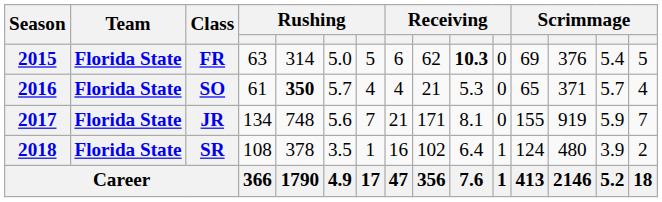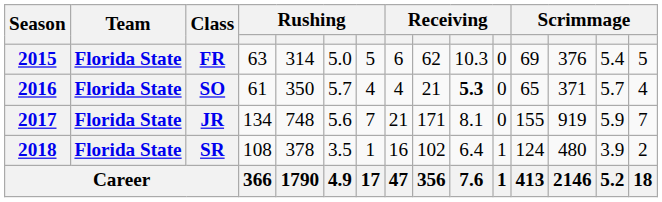 <table class="wikitable sortable" style="text-align:center;">
 <tr>
 <th rowspan="2">Season</th>
 <th rowspan="2">Team</th>
 <th rowspan="2">Class</th>
 <th colspan="4">Rushing</th>
 <th colspan="4">Receiving</th>
 <th colspan="4">Scrimmage</th>
 </tr>
 <tr>
 <th></th>
 <th></th>
 <th></th>
 <th></th>
 <th></th>
 <th></th>
 <th></th>
 <th></th>
 <th></th>
 <th></th>
 <th></th>
 <th></th>
 </tr>
 <tr>
 <th><a href='#'>2015</a></th>
 <th><a href='#'>Florida State</a></th>
 <th><a href='#'>FR</a></th>
 <td>63</td>
 <td>314</td>
 <td>5.0</td>
 <td>5</td>
 <td>6</td>
 <td>62</td>
-<td><strong>10.3</strong></td>
+<td>10.3</td>
 <td>0</td>
 <td>69</td>
 <td>376</td>
 <td>5.4</td>
 <td>5</td>
 </tr>
 <tr>
 <th><a href='#'>2016</a></th>
 <th><a href='#'>Florida State</a></th>
 <th><a href='#'>SO</a></th>
 <td>61</td>
-<td><strong>350</strong></td>
+<td>350</td>
 <td>5.7</td>
 <td>4</td>
 <td>4</td>
 <td>21</td>
-<td>5.3</td>
+<td><strong>5.3</strong></td>
 <td>0</td>
 <td>65</td>
 <td>371</td>
 <td>5.7</td>
 <td>4</td>
 </tr>
 <tr>
 <th><a href='#'>2017</a></th>
 <th><a href='#'>Florida State</a></th>
 <th><a href='#'>JR</a></th>
 <td>134</td>
 <td>748</td>
 <td>5.6</td>
 <td>7</td>
 <td>21</td>
 <td>171</td>
 <td>8.1</td>
 <td>0</td>
 <td>155</td>
 <td>919</td>
 <td>5.9</td>
 <td>7</td>
 </tr>
 <tr>
 <th><a href='#'>2018</a></th>
 <th><a href='#'>Florida State</a></th>
 <th><a href='#'>SR</a></th>
 <td>108</td>
 <td>378</td>
 <td>3.5</td>
 <td>1</td>
 <td>16</td>
 <td>102</td>
 <td>6.4</td>
 <td>1</td>
 <td>124</td>
 <td>480</td>
 <td>3.9</td>
 <td>2</td>
 </tr>
 <tr>
 <th colspan="3">Career</th>
 <th>366</th>
 <th>1790</th>
 <th>4.9</th>
 <th>17</th>
 <th>47</th>
 <th>356</th>
 <th>7.6</th>
 <th>1</th>
 <th>413</th>
 <th>2146</th>
 <th>5.2</th>
 <th>18</th>
 </tr>
 </table>
